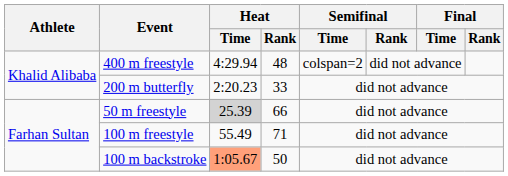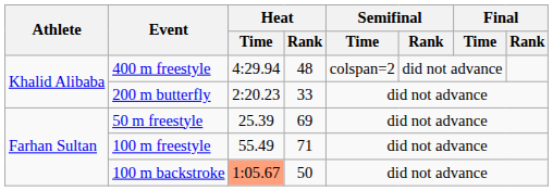 <table class=wikitable style="font-size:90%">
 <tr>
 <th rowspan="2">Athlete</th>
 <th rowspan="2">Event</th>
 <th colspan="2">Heat</th>
 <th colspan="2">Semifinal</th>
 <th colspan="2">Final</th>
 </tr>
 <tr style="font-size:95%">
 <th>Time</th>
 <th>Rank</th>
 <th>Time</th>
 <th>Rank</th>
 <th>Time</th>
 <th>Rank</th>
 </tr>
 <tr align=center>
 <td align=left rowspan=2><a href='#'>Khalid Alibaba</a></td>
 <td align=left><a href='#'>400 m freestyle</a></td>
 <td>4:29.94</td>
 <td>48</td>
 <td>colspan=2 </td>
 <td colspan=2>did not advance</td>
 </tr>
 <tr align=center>
 <td align=left><a href='#'>200 m butterfly</a></td>
 <td>2:20.23</td>
 <td>33</td>
 <td colspan=4>did not advance</td>
 </tr>
 <tr align=center>
 <td align=left rowspan=3><a href='#'>Farhan Sultan</a></td>
 <td align=left><a href='#'>50 m freestyle</a></td>
-<td style="background: lightgrey;">25.39</td>
-<td>66</td>
+<td>25.39</td>
+<td>69</td>
 <td colspan=4>did not advance</td>
 </tr>
 <tr align=center>
 <td align=left><a href='#'>100 m freestyle</a></td>
 <td>55.49</td>
 <td>71</td>
 <td colspan=4>did not advance</td>
 </tr>
 <tr align=center>
 <td align=left><a href='#'>100 m backstroke</a></td>
 <td style="background: lightsalmon;">1:05.67</td>
 <td>50</td>
 <td colspan=4>did not advance</td>
 </tr>
 </table>
